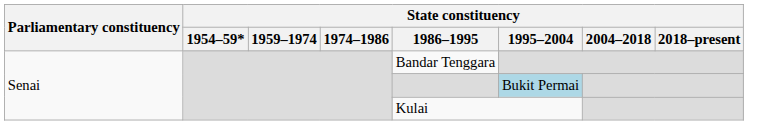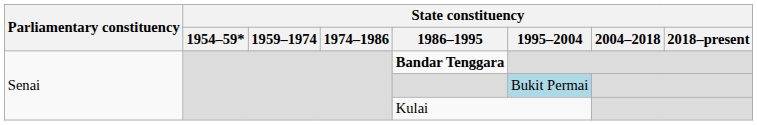 <table class="wikitable">
 <tr>
 <th rowspan="2">Parliamentary constituency</th>
 <th colspan="7">State constituency</th>
 </tr>
 <tr>
 <th>1954–59*</th>
 <th>1959–1974</th>
 <th>1974–1986</th>
 <th>1986–1995</th>
 <th>1995–2004</th>
 <th>2004–2018</th>
 <th>2018–present</th>
 </tr>
 <tr>
 <td rowspan="3">Senai</td>
 <td colspan="3" rowspan="3" bgcolor="dcdcdc"></td>
-<td>Bandar Tenggara</td>
+<td><strong>Bandar Tenggara</strong></td>
 <td colspan="3" bgcolor="dcdcdc"></td>
 </tr>
 <tr>
 <td bgcolor="dcdcdc"></td>
 <td style="background: lightblue;">Bukit Permai</td>
 <td colspan="2" bgcolor="dcdcdc"></td>
 </tr>
 <tr>
 <td colspan="2">Kulai</td>
 <td colspan="2" bgcolor="dcdcdc"></td>
 </tr>
 </table>
